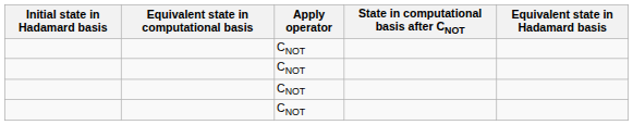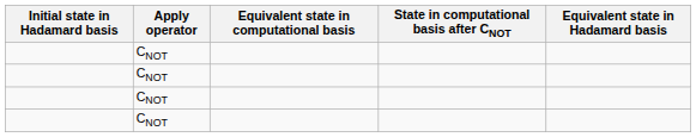 <table class="wikitable">
 <tr>
 <th>Initial state in Hadamard basis</th>
+<th>Apply operator</th>
 <th>Equivalent state in computational basis</th>
-<th>Apply operator</th>
 <th>State in computational basis after C<sub>NOT</sub></th>
 <th>Equivalent state in Hadamard basis</th>
 </tr>
 <tr>
 <td></td>
+<td>C<sub>NOT</sub></td>
 <td></td>
-<td>C<sub>NOT</sub></td>
 <td></td>
 <td></td>
 </tr>
 <tr>
 <td></td>
+<td>C<sub>NOT</sub></td>
 <td></td>
-<td>C<sub>NOT</sub></td>
 <td></td>
 <td></td>
 </tr>
 <tr>
 <td></td>
+<td>C<sub>NOT</sub></td>
 <td></td>
-<td>C<sub>NOT</sub></td>
 <td></td>
 <td></td>
 </tr>
 <tr>
 <td></td>
+<td>C<sub>NOT</sub></td>
 <td></td>
-<td>C<sub>NOT</sub></td>
 <td></td>
 <td></td>
 </tr>
 </table>
